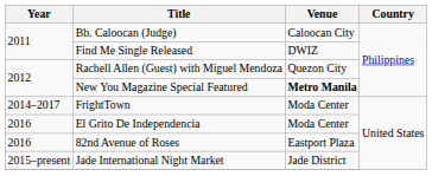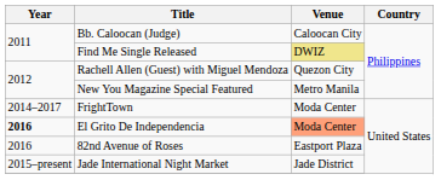 <table class="wikitable">
 <tr>
 <th>Year</th>
 <th>Title</th>
 <th>Venue</th>
 <th>Country</th>
 </tr>
 <tr>
 <td rowspan="2">2011</td>
 <td>Bb. Caloocan (Judge)</td>
 <td>Caloocan City</td>
 <td rowspan=04> <a href='#'>Philippines</a></td>
 </tr>
 <tr>
 <td>Find Me Single Released</td>
-<td>DWIZ</td>
+<td style="background: khaki;">DWIZ</td>
 </tr>
 <tr>
 <td rowspan="2">2012</td>
 <td>Rachell Allen (Guest) with Miguel Mendoza</td>
 <td>Quezon City</td>
 </tr>
 <tr>
 <td>New You Magazine Special Featured</td>
-<td><strong>Metro Manila</strong></td>
+<td>Metro Manila</td>
 </tr>
 <tr>
 <td rowspan="1">2014–2017</td>
 <td>FrightTown</td>
 <td>Moda Center</td>
 <td rowspan=05> United States</td>
 </tr>
 <tr>
-<td>2016</td>
+<td><strong>2016</strong></td>
 <td>El Grito De Independencia</td>
-<td>Moda Center</td>
+<td style="background: lightsalmon;">Moda Center</td>
 </tr>
 <tr>
 <td>2016</td>
 <td>82nd Avenue of Roses</td>
 <td>Eastport Plaza</td>
 </tr>
 <tr>
 <td>2015–present</td>
 <td>Jade International Night Market</td>
 <td>Jade District</td>
 </tr>
 <tr>
 </tr>
 </table>
